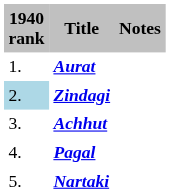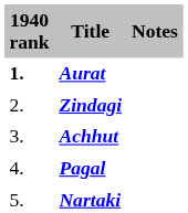 <table cellspacing="0" cellpadding="4" border="0">
 <tr bgcolor="silver" align="center">
 <td><strong>1940</strong><br><strong>rank</strong></td>
 <td><strong>Title</strong></td>
 <td><strong>Notes</strong></td>
 </tr>
 <tr>
-<td>1.</td>
+<td><strong>1.</strong></td>
 <td><strong><em><a href='#'>Aurat</a></em></strong></td>
 <td></td>
 </tr>
 <tr>
-<td style="background: lightblue;">2.</td>
+<td>2.</td>
 <td><strong><em><a href='#'>Zindagi</a></em></strong></td>
 <td></td>
 </tr>
 <tr>
 <td>3.</td>
 <td><strong><em><a href='#'>Achhut</a></em></strong></td>
 <td></td>
 </tr>
 <tr>
 <td>4.</td>
 <td><strong><em><a href='#'>Pagal</a></em></strong></td>
 <td></td>
 </tr>
 <tr>
 <td>5.</td>
 <td><strong><em><a href='#'>Nartaki</a></em></strong></td>
 <td></td>
 <td></td>
 </tr>
 </table>
